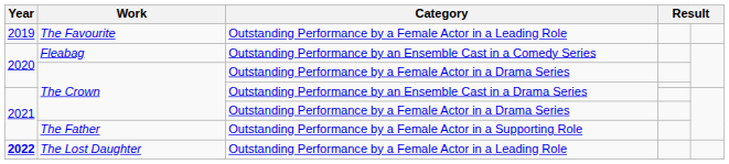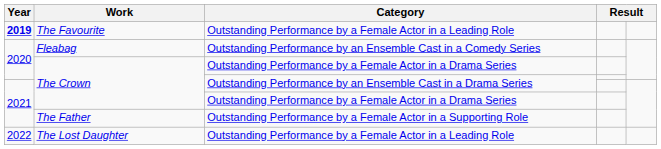 <table class=wikitable>
 <tr>
 <th scope="col" style="width:1em;">Year</th>
 <th scope="col" style="width:15em;">Work</th>
 <th scope="col" style="width:35em;">Category</th>
 <th scope="col" style="width:5em;" colspan=2>Result</th>
 </tr>
 <tr>
-<td><a href='#'>2019</a></td>
+<td><strong><a href='#'>2019</a></strong></td>
 <td><em><a href='#'>The Favourite</a></em></td>
 <td><a href='#'>Outstanding Performance by a Female Actor in a Leading Role</a></td>
 <td></td>
 <td style="text-align:center;"></td>
 </tr>
 <tr>
 <td rowspan="3"><a href='#'>2020</a></td>
 <td><em><a href='#'>Fleabag</a></em></td>
 <td><a href='#'>Outstanding Performance by an Ensemble Cast in a Comedy Series</a></td>
 <td></td>
 <td style="text-align:center;" rowspan="3"></td>
 </tr>
 <tr>
 <td rowspan="4"><em><a href='#'>The Crown</a></em></td>
 <td><a href='#'>Outstanding Performance by a Female Actor in a Drama Series</a></td>
 <td></td>
 </tr>
 <tr>
 <td rowspan="2"><a href='#'>Outstanding Performance by an Ensemble Cast in a Drama Series</a></td>
 <td></td>
 </tr>
 <tr>
 <td rowspan="3"><a href='#'>2021</a></td>
 <td></td>
 <td style="text-align:center;" rowspan="3"></td>
 </tr>
 <tr>
 <td><a href='#'>Outstanding Performance by a Female Actor in a Drama Series</a></td>
 <td></td>
 </tr>
 <tr>
 <td><em><a href='#'>The Father</a></em></td>
 <td><a href='#'>Outstanding Performance by a Female Actor in a Supporting Role</a></td>
 <td></td>
 </tr>
 <tr>
-<td><strong><a href='#'>2022</a></strong></td>
+<td><a href='#'>2022</a></td>
 <td><em><a href='#'>The Lost Daughter</a></em></td>
 <td><a href='#'>Outstanding Performance by a Female Actor in a Leading Role</a></td>
 <td></td>
 <td style="text-align:center"></td>
 </tr>
 </table>
